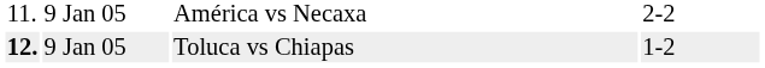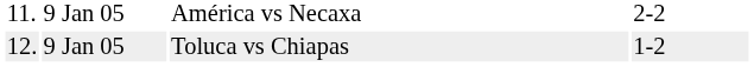 <table>
 <tr>
 <td width="20">11.</td>
 <td width="80">9 Jan 05</td>
 <td width="300">América vs Necaxa</td>
 <td width="75">2-2</td>
 </tr>
 <tr bgcolor=#eeeeee>
-<td><strong>12.</strong></td>
+<td>12.</td>
 <td>9 Jan 05</td>
 <td>Toluca vs Chiapas</td>
 <td>1-2</td>
 </tr>
 </table>
